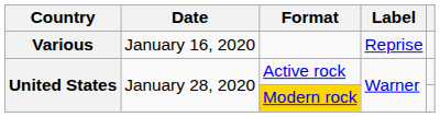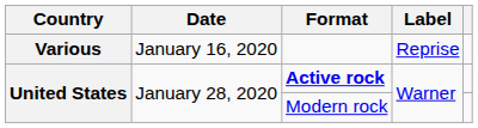 <table class="wikitable plainrowheaders">
 <tr>
 <th>Country</th>
 <th>Date</th>
 <th>Format</th>
 <th>Label</th>
 <th></th>
 </tr>
 <tr>
 <th scope="row">Various</th>
 <td>January 16, 2020</td>
 <td></td>
 <td><a href='#'>Reprise</a></td>
 <td></td>
 </tr>
 <tr>
 <th scope="row" rowspan="2">United States</th>
 <td rowspan="2">January 28, 2020</td>
-<td><a href='#'>Active rock</a></td>
+<td><strong><a href='#'>Active rock</a></strong></td>
 <td rowspan="2"><a href='#'>Warner</a></td>
 <td></td>
 </tr>
 <tr>
-<td style="background: gold;"><a href='#'>Modern rock</a></td>
+<td><a href='#'>Modern rock</a></td>
 <td></td>
 </tr>
 </table>
